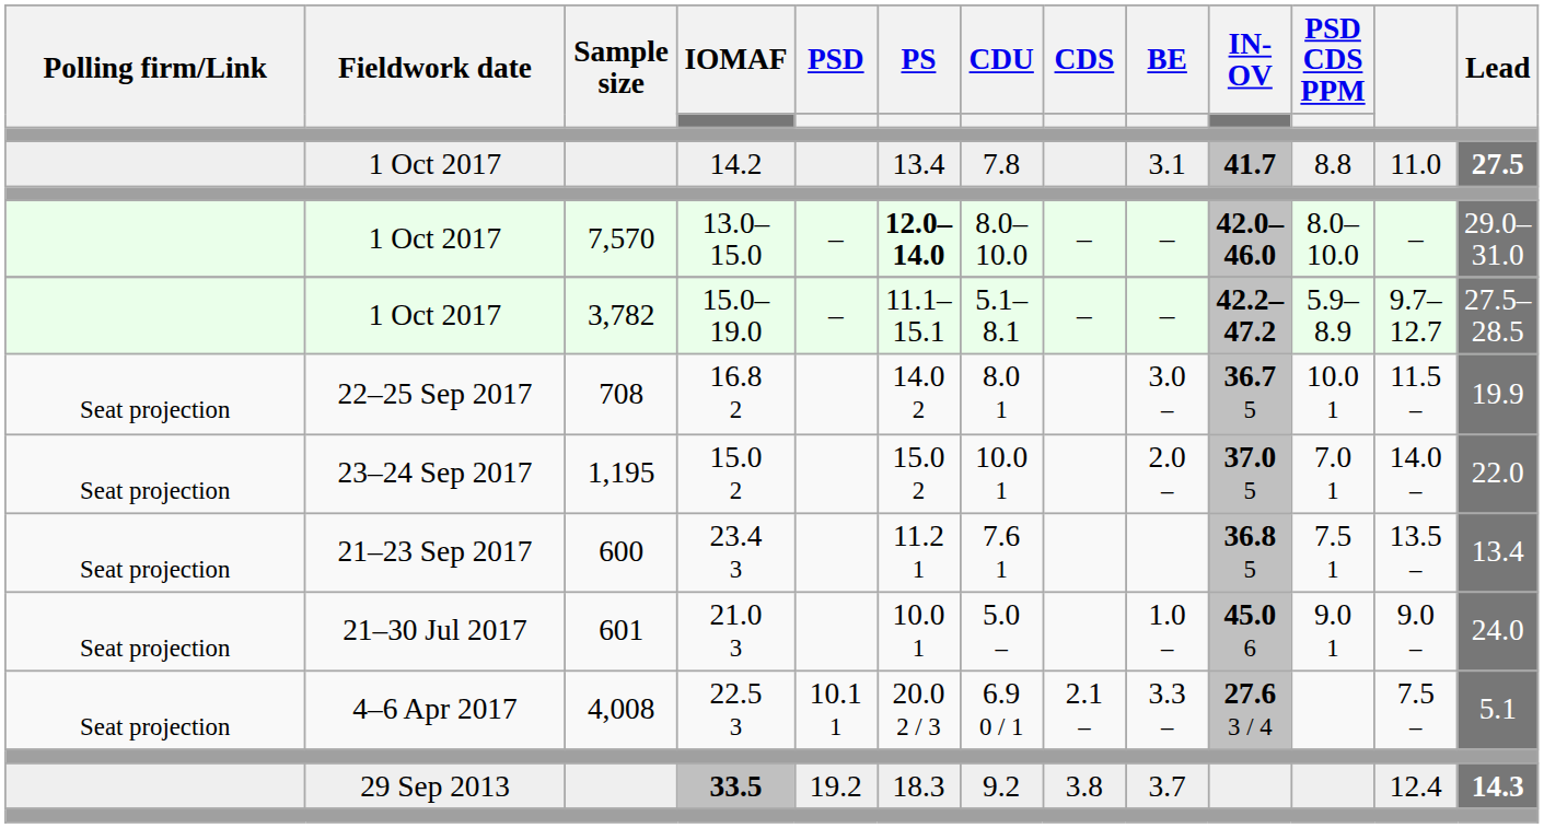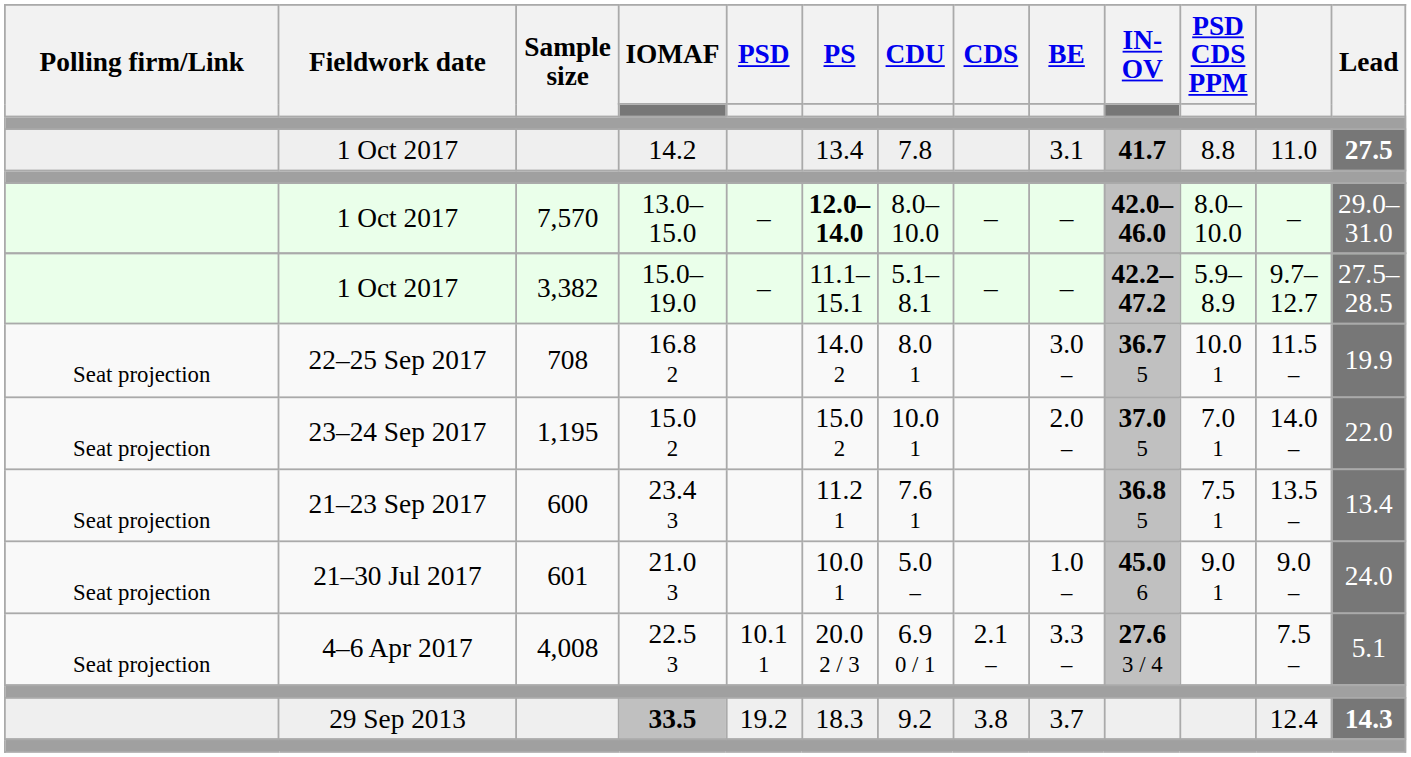 <table class="wikitable collapsible sortable" style="text-align:center; font-size:95%; line-height:16px;">
 <tr style="height:42px;">
 <th style="width:145px;" rowspan="2">Polling firm/Link</th>
 <th style="width:125px;" rowspan="2">Fieldwork date</th>
 <th class="unsortable" style="width:50px;" rowspan="2">Sample size</th>
 <th class="unsortable" style="width:35px;">IOMAF</th>
 <th class="unsortable" style="width:35px;"><a href='#'>PSD</a></th>
 <th class="unsortable" style="width:35px;"><a href='#'>PS</a></th>
 <th class="unsortable" style="width:35px;"><a href='#'>CDU</a></th>
 <th class="unsortable" style="width:35px;"><a href='#'>CDS</a></th>
 <th class="unsortable" style="width:35px;"><a href='#'>BE</a></th>
 <th class="unsortable" style="width:35px;"><a href='#'>IN-OV</a></th>
 <th class="unsortable" style="width:35px;"><a href='#'>PSD</a><br><a href='#'>CDS</a><br><a href='#'>PPM</a></th>
 <th class="unsortable" style="width:35px;" rowspan="2"></th>
 <th class="unsortable" style="width:30px;" rowspan="2">Lead</th>
 </tr>
 <tr>
 <th class="unsortable" style="color:inherit;background:#777777;"></th>
 <th class="unsortable" style="color:inherit;background:"></th>
 <th class="unsortable" style="color:inherit;background:"></th>
 <th class="unsortable" style="color:inherit;background:"></th>
 <th class="unsortable" style="color:inherit;background:"></th>
 <th class="unsortable" style="color:inherit;background:"></th>
 <th class="unsortable" style="color:inherit;background:#777777;"></th>
 <th class="unsortable" style="color:inherit;background:"></th>
 </tr>
 <tr>
 <td colspan="13" style="background:#A0A0A0"></td>
 </tr>
 <tr style="background:#EFEFEF;">
 <td><strong></strong></td>
 <td data-sort-value="2019-10-06">1 Oct 2017</td>
 <td></td>
 <td>14.2<br></td>
 <td></td>
 <td>13.4<br></td>
 <td>7.8<br></td>
 <td></td>
 <td>3.1<br></td>
 <td style="background:#C0C0C0"><strong>41.7</strong><br></td>
 <td>8.8<br></td>
 <td>11.0<br></td>
 <td style="background:#777777; color:white;"><strong>27.5</strong></td>
 </tr>
 <tr>
 <td colspan="13" style="background:#A0A0A0"></td>
 </tr>
 <tr>
 </tr>
 <tr style="background:#EAFFEA"|>
 <td></td>
 <td data-sort-value="2019-10-06">1 Oct 2017</td>
 <td>7,570</td>
 <td>13.0–<br>15.0<br></td>
 <td>–</td>
 <td><strong>12.0–<br>14.0<br></strong></td>
 <td>8.0–<br>10.0<br></td>
 <td>–</td>
 <td>–</td>
 <td style="background:#C0C0C0"><strong>42.0–<br>46.0</strong><br></td>
 <td>8.0–<br>10.0<br></td>
 <td>–</td>
 <td style="background:#777777; color:white;">29.0–<br>31.0</td>
 </tr>
 <tr>
 </tr>
 <tr style="background:#EAFFEA"|>
 <td></td>
 <td data-sort-value="2019-10-06">1 Oct 2017</td>
-<td>3,782</td>
+<td>3,382</td>
 <td>15.0–<br>19.0<br></td>
 <td>–</td>
 <td>11.1–<br>15.1<br></td>
 <td>5.1–<br>8.1<br></td>
 <td>–</td>
 <td>–</td>
 <td style="background:#C0C0C0"><strong>42.2–<br>47.2</strong><br></td>
 <td>5.9–<br>8.9<br></td>
 <td>9.7–<br>12.7<br></td>
 <td style="background:#777777; color:white;">27.5–<br>28.5</td>
 </tr>
 <tr>
 <td align="center"><br><small>Seat projection</small></td>
 <td align="center">22–25 Sep 2017</td>
 <td>708</td>
 <td align="center">16.8<br><small>2</small></td>
 <td></td>
 <td align="center">14.0<br><small>2</small></td>
 <td align="center">8.0<br><small>1</small></td>
 <td></td>
 <td align="center">3.0<br><small>–</small></td>
 <td align="center" style="background:#C0C0C0"><strong>36.7</strong><br><small>5</small></td>
 <td align="center">10.0<br><small>1</small></td>
 <td align="center">11.5<br><small>–</small></td>
 <td style="background:#777777; color:white;">19.9</td>
 </tr>
 <tr>
 <td align="center"><br><small>Seat projection</small></td>
 <td align="center">23–24 Sep 2017</td>
 <td>1,195</td>
 <td align="center">15.0<br><small>2</small></td>
 <td></td>
 <td align="center">15.0<br><small>2</small></td>
 <td align="center">10.0<br><small>1</small></td>
 <td></td>
 <td align="center">2.0<br><small>–</small></td>
 <td align="center" style="background:#C0C0C0"><strong>37.0</strong><br><small>5</small></td>
 <td align="center">7.0<br><small>1</small></td>
 <td align="center">14.0<br><small>–</small></td>
 <td style="background:#777777; color:white;">22.0</td>
 </tr>
 <tr>
 <td align="center"><br><small>Seat projection</small></td>
 <td align="center">21–23 Sep 2017</td>
 <td>600</td>
 <td align="center">23.4<br><small>3</small></td>
 <td></td>
 <td align="center">11.2<br><small>1</small></td>
 <td align="center">7.6<br><small>1</small></td>
 <td></td>
 <td></td>
 <td align="center" style="background:#C0C0C0"><strong>36.8</strong><br><small>5</small></td>
 <td align="center">7.5<br><small>1</small></td>
 <td align="center">13.5<br><small>–</small></td>
 <td style="background:#777777; color:white;">13.4</td>
 </tr>
 <tr>
 <td align="center"><br><small>Seat projection</small></td>
 <td align="center">21–30 Jul 2017</td>
 <td>601</td>
 <td align="center">21.0<br><small>3</small></td>
 <td></td>
 <td align="center">10.0<br><small>1</small></td>
 <td align="center">5.0<br><small>–</small></td>
 <td></td>
 <td align="center">1.0<br><small>–</small></td>
 <td align="center" style="background:#C0C0C0"><strong>45.0</strong><br><small>6</small></td>
 <td align="center">9.0<br><small>1</small></td>
 <td align="center">9.0<br><small>–</small></td>
 <td style="background:#777777; color:white;">24.0</td>
 </tr>
 <tr>
 <td align="center"><br><small>Seat projection</small></td>
 <td align="center">4–6 Apr 2017</td>
 <td>4,008</td>
 <td align="center">22.5<br><small>3</small></td>
 <td align="center">10.1<br><small>1</small></td>
 <td align="center">20.0<br><small>2 / 3</small></td>
 <td align="center">6.9<br><small>0 / 1</small></td>
 <td align="center">2.1<br><small>–</small></td>
 <td align="center">3.3<br><small>–</small></td>
 <td align="center" style="background:#C0C0C0"><strong>27.6</strong><br><small>3 / 4</small></td>
 <td></td>
 <td align="center">7.5<br><small>–</small></td>
 <td style="background:#777777; color:white;">5.1</td>
 </tr>
 <tr>
 <td colspan="13" style="background:#A0A0A0"></td>
 </tr>
 <tr style="background:#EFEFEF;">
 <td><strong></strong></td>
 <td data-sort-value="2019-10-06">29 Sep 2013</td>
 <td></td>
 <td style="background:#C0C0C0"><strong>33.5</strong><br></td>
 <td>19.2<br></td>
 <td>18.3<br></td>
 <td>9.2<br></td>
 <td>3.8<br></td>
 <td>3.7<br></td>
 <td></td>
 <td></td>
 <td>12.4<br></td>
 <td style="background:#777777; color:white;"><strong>14.3</strong></td>
 </tr>
 <tr>
 <td colspan="13" style="background:#A0A0A0"></td>
 </tr>
 </table>
